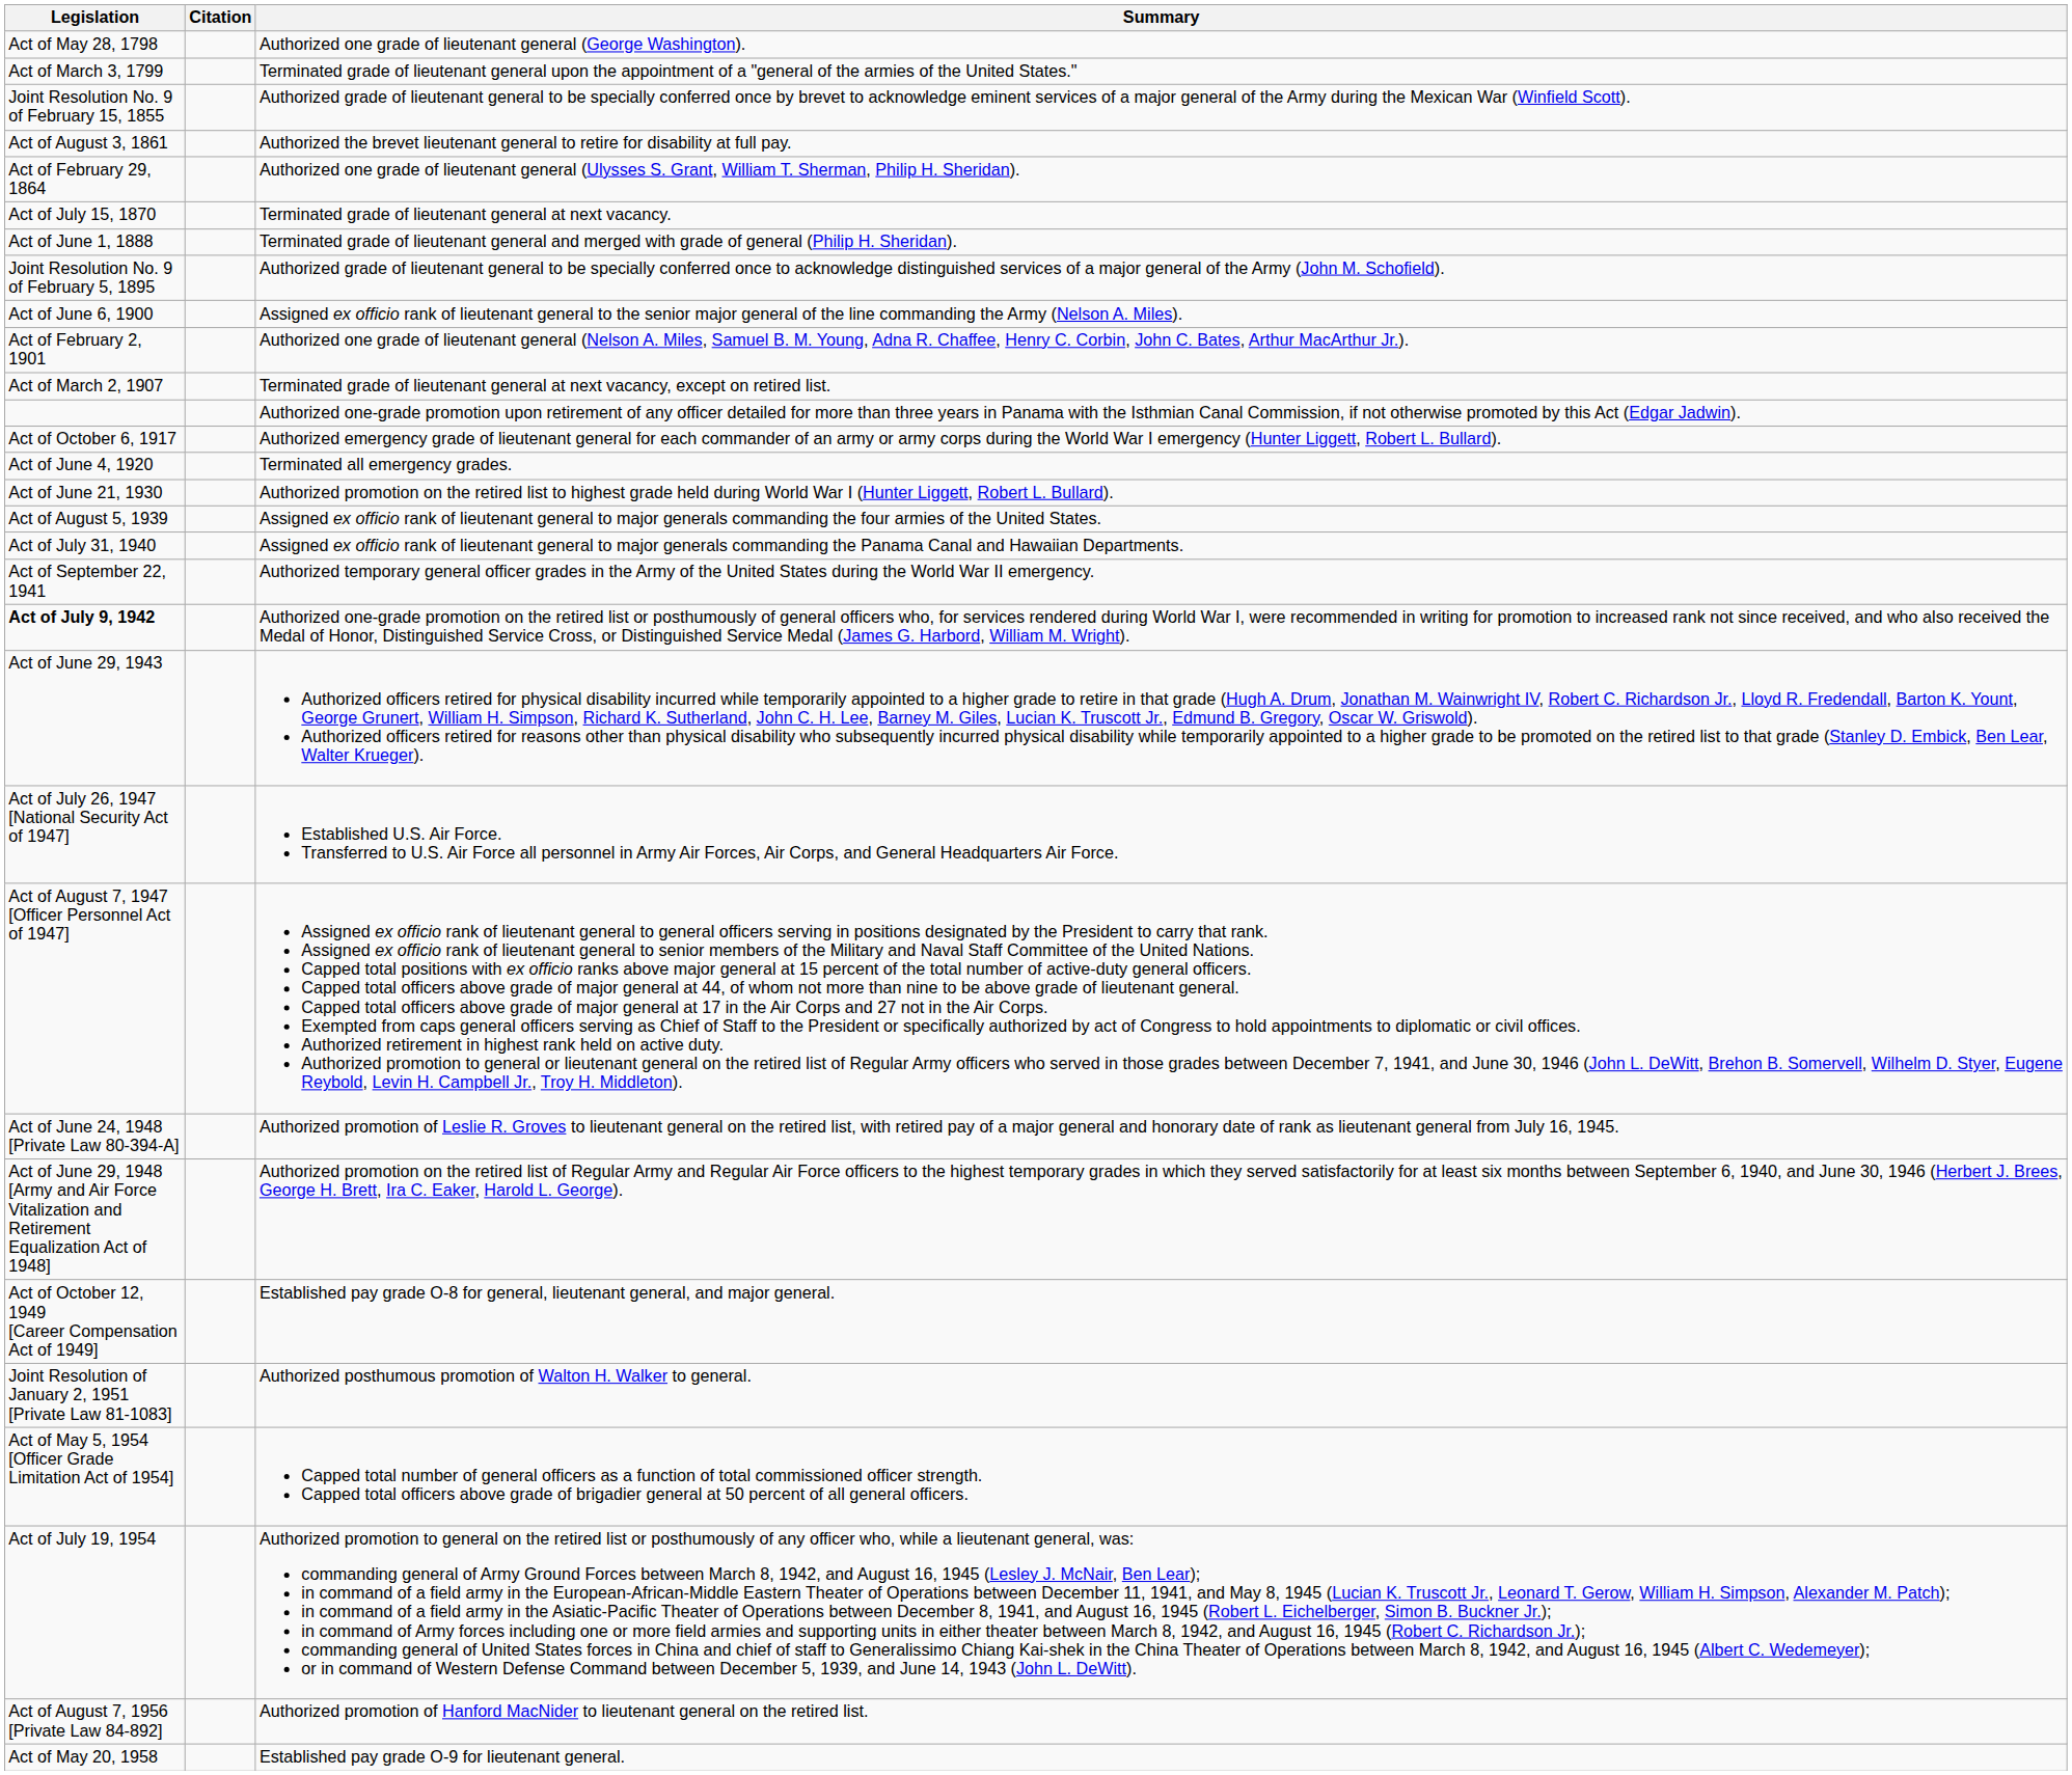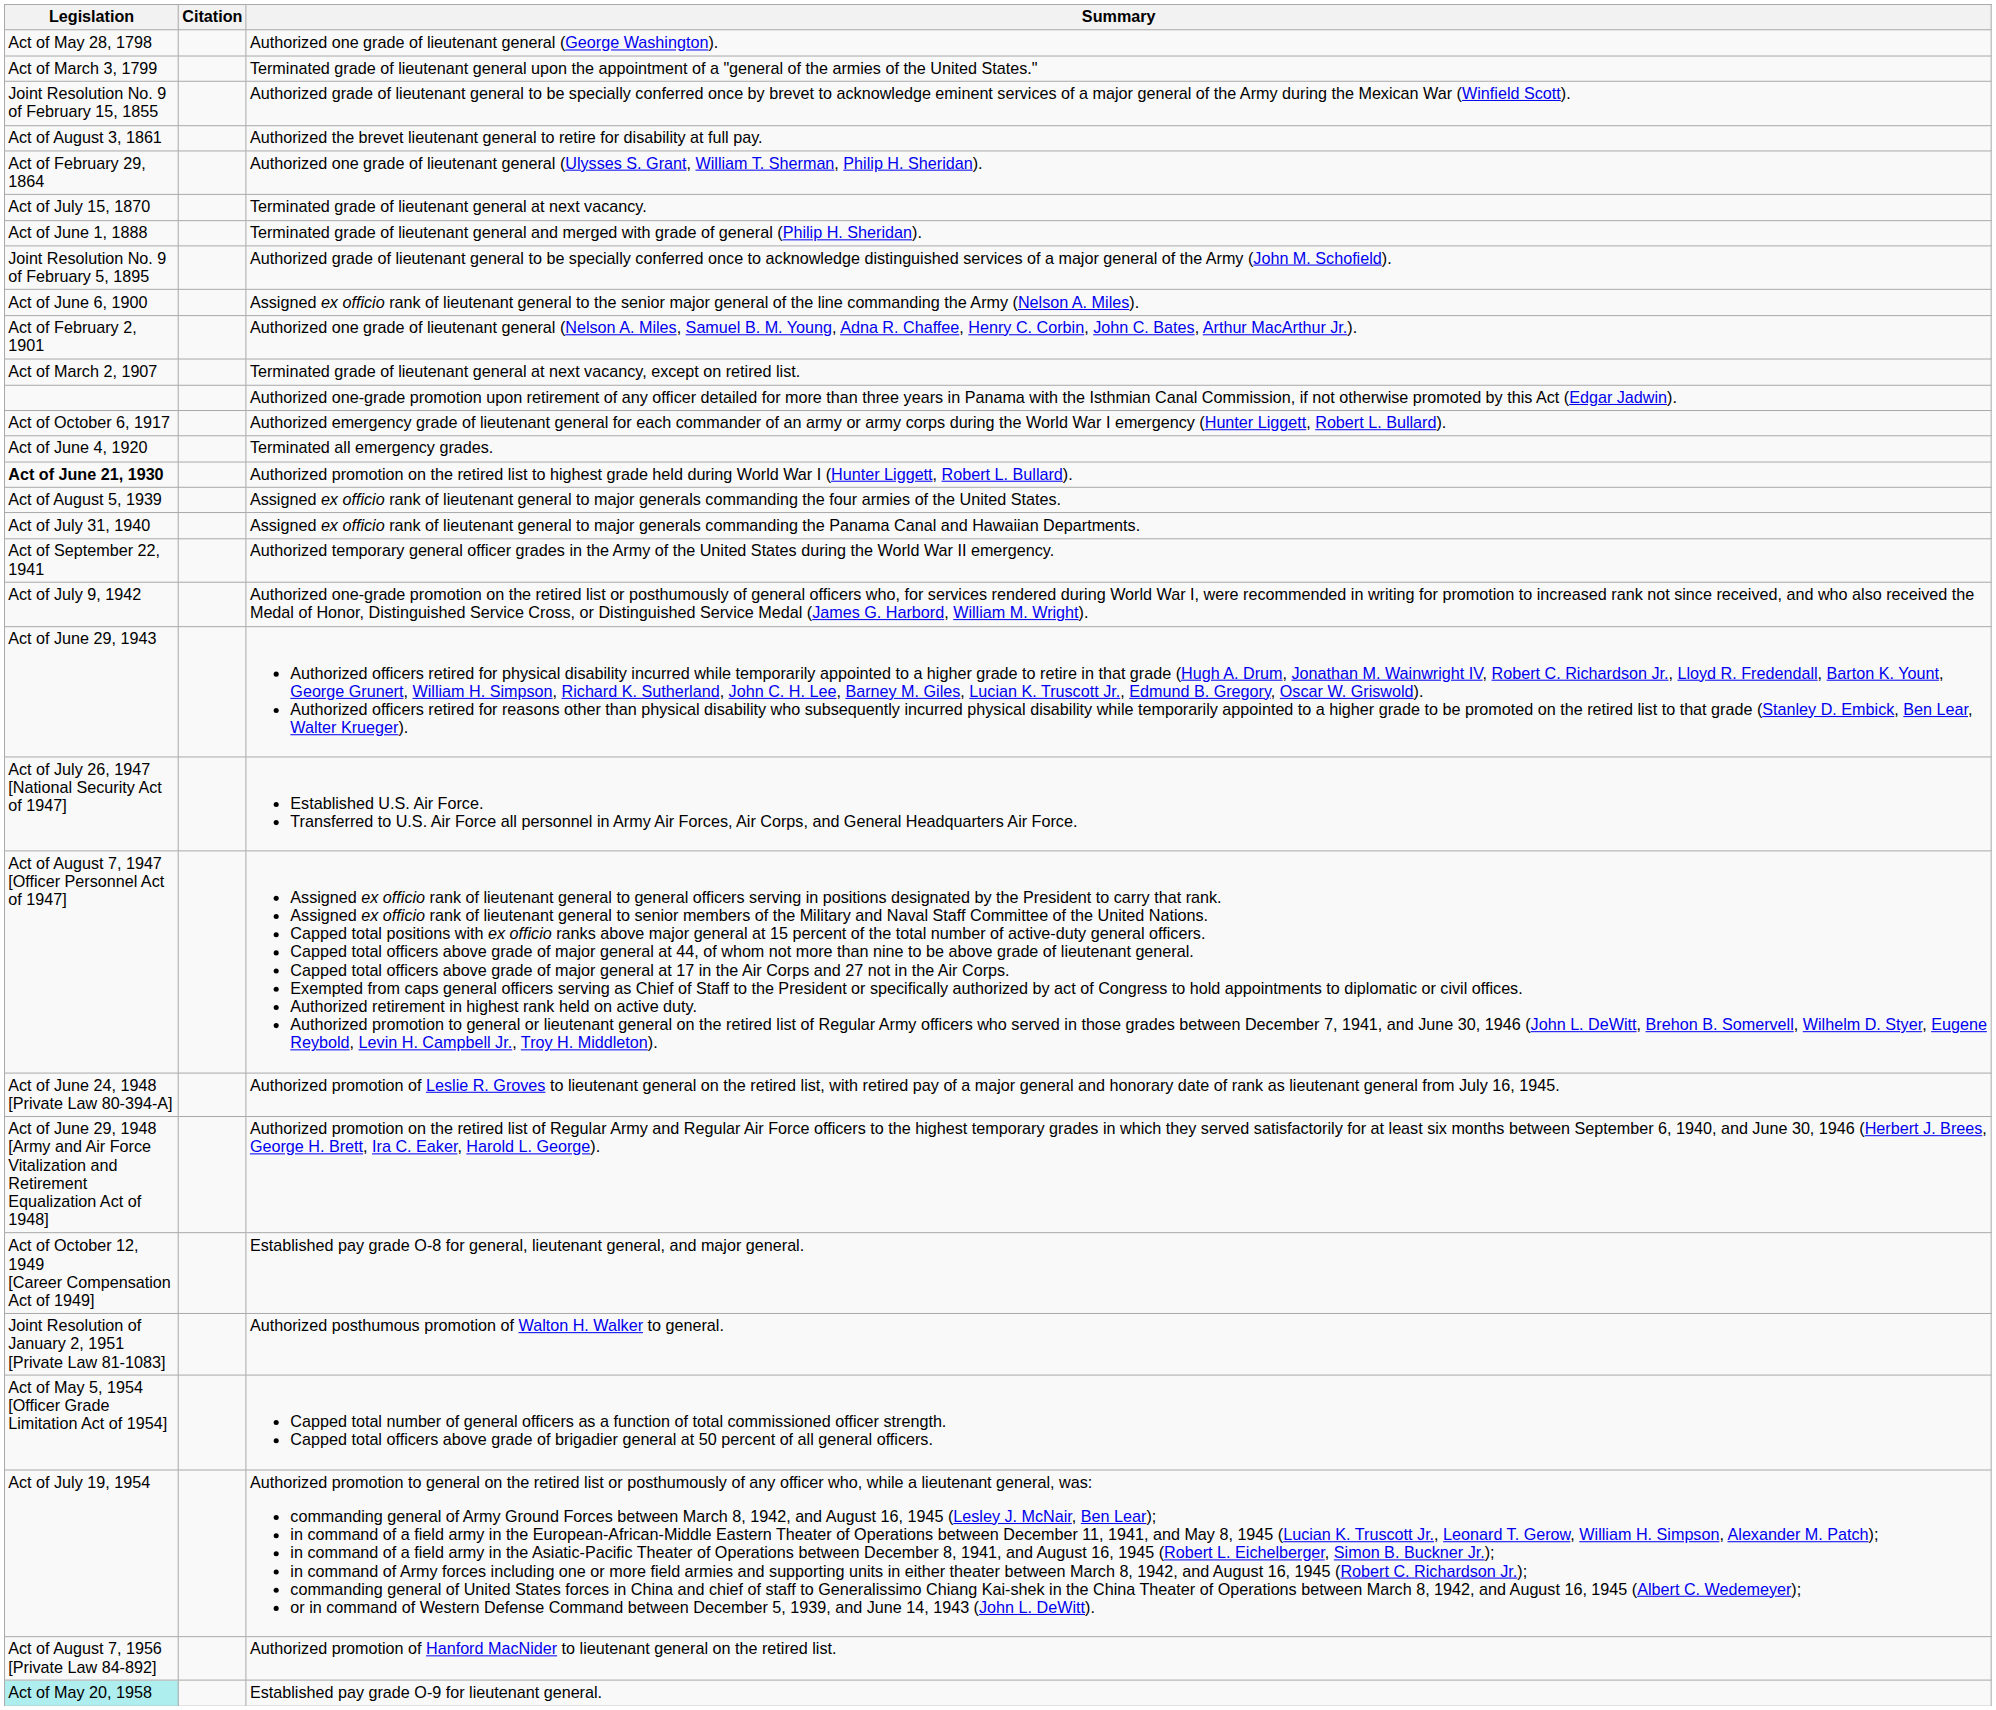 <table class="wikitable">
 <tr>
 <th width = 165>Legislation</th>
 <th>Citation</th>
 <th>Summary</th>
 </tr>
 <tr valign=top>
 <td>Act of May 28, 1798</td>
 <td>   </td>
 <td>Authorized one grade of lieutenant general (<a href='#'>George Washington</a>).</td>
 </tr>
 <tr valign=top>
 <td>Act of March 3, 1799</td>
 <td>   </td>
 <td>Terminated grade of lieutenant general upon the appointment of a "general of the armies of the United States."</td>
 </tr>
 <tr valign=top>
 <td>Joint Resolution No. 9 of February 15, 1855</td>
 <td> </td>
 <td>Authorized grade of lieutenant general to be specially conferred once by brevet to acknowledge eminent services of a major general of the Army during the Mexican War (<a href='#'>Winfield Scott</a>).</td>
 </tr>
 <tr valign=top>
 <td>Act of August 3, 1861</td>
 <td> </td>
 <td>Authorized the brevet lieutenant general to retire for disability at full pay.</td>
 </tr>
 <tr valign=top>
 <td>Act of February 29, 1864</td>
 <td> </td>
 <td>Authorized one grade of lieutenant general (<a href='#'>Ulysses S. Grant</a>, <a href='#'>William T. Sherman</a>, <a href='#'>Philip H. Sheridan</a>).</td>
 </tr>
 <tr valign=top>
 <td>Act of July 15, 1870</td>
 <td> </td>
 <td>Terminated grade of lieutenant general at next vacancy.</td>
 </tr>
 <tr valign=top>
 <td>Act of June 1, 1888</td>
 <td> </td>
 <td>Terminated grade of lieutenant general and merged with grade of general (<a href='#'>Philip H. Sheridan</a>).</td>
 </tr>
 <tr valign=top>
 <td>Joint Resolution No. 9 of February 5, 1895</td>
 <td> </td>
 <td>Authorized grade of lieutenant general to be specially conferred once to acknowledge distinguished services of a major general of the Army (<a href='#'>John M. Schofield</a>).</td>
 </tr>
 <tr valign=top>
 <td>Act of June 6, 1900</td>
 <td> </td>
 <td>Assigned <em>ex officio</em> rank of lieutenant general to the senior major general of the line commanding the Army (<a href='#'>Nelson A. Miles</a>).</td>
 </tr>
 <tr valign=top>
 <td>Act of February 2, 1901</td>
 <td> </td>
 <td>Authorized one grade of lieutenant general (<a href='#'>Nelson A. Miles</a>, <a href='#'>Samuel B. M. Young</a>, <a href='#'>Adna R. Chaffee</a>, <a href='#'>Henry C. Corbin</a>, <a href='#'>John C. Bates</a>, <a href='#'>Arthur MacArthur Jr.</a>).</td>
 </tr>
 <tr valign=top>
 <td>Act of March 2, 1907</td>
 <td> </td>
 <td>Terminated grade of lieutenant general at next vacancy, except on retired list.</td>
 </tr>
 <tr valign=top>
 <td></td>
 <td> </td>
 <td>Authorized one-grade promotion upon retirement of any officer detailed for more than three years in Panama with the Isthmian Canal Commission, if not otherwise promoted by this Act (<a href='#'>Edgar Jadwin</a>).</td>
 </tr>
 <tr valign=top>
 <td>Act of October 6, 1917</td>
 <td> </td>
 <td>Authorized emergency grade of lieutenant general for each commander of an army or army corps during the World War I emergency (<a href='#'>Hunter Liggett</a>, <a href='#'>Robert L. Bullard</a>).</td>
 </tr>
 <tr valign=top>
 <td>Act of June 4, 1920</td>
 <td> </td>
 <td>Terminated all emergency grades.</td>
 </tr>
 <tr valign=top>
-<td>Act of June 21, 1930</td>
+<td><strong>Act of June 21, 1930</strong></td>
 <td> </td>
 <td>Authorized promotion on the retired list to highest grade held during World War I (<a href='#'>Hunter Liggett</a>, <a href='#'>Robert L. Bullard</a>).</td>
 </tr>
 <tr valign=top>
 <td>Act of August 5, 1939</td>
 <td> </td>
 <td>Assigned <em>ex officio</em> rank of lieutenant general to major generals commanding the four armies of the United States.</td>
 </tr>
 <tr valign=top>
 <td>Act of July 31, 1940</td>
 <td> </td>
 <td>Assigned <em>ex officio</em> rank of lieutenant general to major generals commanding the Panama Canal and Hawaiian Departments.</td>
 </tr>
 <tr valign=top>
 <td>Act of September 22, 1941</td>
 <td> </td>
 <td>Authorized temporary general officer grades in the Army of the United States during the World War II emergency.</td>
 </tr>
 <tr valign=top>
-<td><strong>Act of July 9, 1942</strong></td>
+<td>Act of July 9, 1942</td>
 <td> </td>
 <td>Authorized one-grade promotion on the retired list or posthumously of general officers who, for services rendered during World War I, were recommended in writing for promotion to increased rank not since received, and who also received the Medal of Honor, Distinguished Service Cross, or Distinguished Service Medal (<a href='#'>James G. Harbord</a>, <a href='#'>William M. Wright</a>).</td>
 </tr>
 <tr valign=top>
 <td>Act of June 29, 1943</td>
 <td> </td>
 <td><br><ul><li>Authorized officers retired for physical disability incurred while temporarily appointed to a higher grade to retire in that grade (<a href='#'>Hugh A. Drum</a>, <a href='#'>Jonathan M. Wainwright IV</a>, <a href='#'>Robert C. Richardson Jr.</a>, <a href='#'>Lloyd R. Fredendall</a>, <a href='#'>Barton K. Yount</a>, <a href='#'>George Grunert</a>, <a href='#'>William H. Simpson</a>, <a href='#'>Richard K. Sutherland</a>, <a href='#'>John C. H. Lee</a>, <a href='#'>Barney M. Giles</a>, <a href='#'>Lucian K. Truscott Jr.</a>, <a href='#'>Edmund B. Gregory</a>, <a href='#'>Oscar W. Griswold</a>).</li><li>Authorized officers retired for reasons other than physical disability who subsequently incurred physical disability while temporarily appointed to a higher grade to be promoted on the retired list to that grade (<a href='#'>Stanley D. Embick</a>, <a href='#'>Ben Lear</a>, <a href='#'>Walter Krueger</a>).</li></ul></td>
 </tr>
 <tr valign=top>
 <td>Act of July 26, 1947<br>[National Security Act of 1947]</td>
 <td> </td>
 <td><br><ul><li>Established U.S. Air Force.</li><li>Transferred to U.S. Air Force all personnel in Army Air Forces, Air Corps, and General Headquarters Air Force.</li></ul></td>
 </tr>
 <tr valign=top>
 <td>Act of August 7, 1947<br>[Officer Personnel Act of 1947]</td>
 <td> </td>
 <td><br><ul><li>Assigned <em>ex officio</em> rank of lieutenant general to general officers serving in positions designated by the President to carry that rank.</li><li>Assigned <em>ex officio</em> rank of lieutenant general to senior members of the Military and Naval Staff Committee of the United Nations.</li><li>Capped total positions with <em>ex officio</em> ranks above major general at 15 percent of the total number of active-duty general officers.</li><li>Capped total officers above grade of major general at 44, of whom not more than nine to be above grade of lieutenant general.</li><li>Capped total officers above grade of major general at 17 in the Air Corps and 27 not in the Air Corps.</li><li>Exempted from caps general officers serving as Chief of Staff to the President or specifically authorized by act of Congress to hold appointments to diplomatic or civil offices.</li><li>Authorized retirement in highest rank held on active duty.</li><li>Authorized promotion to general or lieutenant general on the retired list of Regular Army officers who served in those grades between December 7, 1941, and June 30, 1946 (<a href='#'>John L. DeWitt</a>, <a href='#'>Brehon B. Somervell</a>, <a href='#'>Wilhelm D. Styer</a>, <a href='#'>Eugene Reybold</a>, <a href='#'>Levin H. Campbell Jr.</a>, <a href='#'>Troy H. Middleton</a>).</li></ul></td>
 </tr>
 <tr valign=top>
 <td>Act of June 24, 1948<br>[Private Law 80-394-A]</td>
 <td> </td>
 <td>Authorized promotion of <a href='#'>Leslie R. Groves</a> to lieutenant general on the retired list, with retired pay of a major general and honorary date of rank as lieutenant general from July 16, 1945.</td>
 </tr>
 <tr valign=top>
 <td>Act of June 29, 1948<br>[Army and Air Force Vitalization and Retirement Equalization Act of 1948]</td>
 <td> </td>
 <td>Authorized promotion on the retired list of Regular Army and Regular Air Force officers to the highest temporary grades in which they served satisfactorily for at least six months between September 6, 1940, and June 30, 1946 (<a href='#'>Herbert J. Brees</a>, <a href='#'>George H. Brett</a>, <a href='#'>Ira C. Eaker</a>, <a href='#'>Harold L. George</a>).</td>
 </tr>
 <tr valign=top>
 <td>Act of October 12, 1949<br>[Career Compensation Act of 1949]</td>
 <td> </td>
 <td>Established pay grade O-8 for general, lieutenant general, and major general.</td>
 </tr>
 <tr valign=top>
 <td>Joint Resolution of January 2, 1951<br>[Private Law 81-1083]</td>
 <td> </td>
 <td>Authorized posthumous promotion of <a href='#'>Walton H. Walker</a> to general.</td>
 </tr>
 <tr valign=top>
 <td>Act of May 5, 1954<br>[Officer Grade Limitation Act of 1954]</td>
 <td> </td>
 <td><br><ul><li>Capped total number of general officers as a function of total commissioned officer strength.</li><li>Capped total officers above grade of brigadier general at 50 percent of all general officers.</li></ul></td>
 </tr>
 <tr valign=top>
 <td>Act of July 19, 1954</td>
 <td> </td>
 <td>Authorized promotion to general on the retired list or posthumously of any officer who, while a lieutenant general, was:<br><ul><li>commanding general of Army Ground Forces between March 8, 1942, and August 16, 1945 (<a href='#'>Lesley J. McNair</a>, <a href='#'>Ben Lear</a>);</li><li>in command of a field army in the European-African-Middle Eastern Theater of Operations between December 11, 1941, and May 8, 1945 (<a href='#'>Lucian K. Truscott Jr.</a>, <a href='#'>Leonard T. Gerow</a>, <a href='#'>William H. Simpson</a>, <a href='#'>Alexander M. Patch</a>);</li><li>in command of a field army in the Asiatic-Pacific Theater of Operations between December 8, 1941, and August 16, 1945 (<a href='#'>Robert L. Eichelberger</a>, <a href='#'>Simon B. Buckner Jr.</a>);</li><li>in command of Army forces including one or more field armies and supporting units in either theater between March 8, 1942, and August 16, 1945 (<a href='#'>Robert C. Richardson Jr.</a>);</li><li>commanding general of United States forces in China and chief of staff to Generalissimo Chiang Kai-shek in the China Theater of Operations between March 8, 1942, and August 16, 1945 (<a href='#'>Albert C. Wedemeyer</a>);</li><li>or in command of Western Defense Command between December 5, 1939, and June 14, 1943 (<a href='#'>John L. DeWitt</a>).</li></ul></td>
 </tr>
 <tr valign=top>
 <td>Act of August 7, 1956<br>[Private Law 84-892]</td>
 <td> </td>
 <td>Authorized promotion of <a href='#'>Hanford MacNider</a> to lieutenant general on the retired list.</td>
 </tr>
 <tr valign=top>
-<td>Act of May 20, 1958</td>
+<td style="background: paleturquoise;">Act of May 20, 1958</td>
 <td> </td>
 <td>Established pay grade O-9 for lieutenant general.</td>
 </tr>
 <tr>
 </tr>
 </table>
